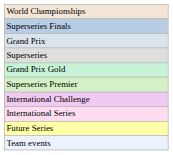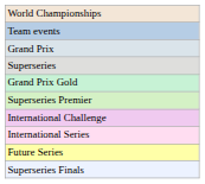 <table class=wikitable style=font-size:85%;width:20%>
 <tr bgcolor=#F3E6D7>
 <td>World Championships</td>
 </tr>
 <tr bgcolor=#B6CDE5>
-<td>Superseries Finals</td>
+<td>Team events</td>
 </tr>
 <tr bgcolor=#DAE4EA>
 <td>Grand Prix</td>
 </tr>
 <tr bgcolor=#DEDEDC>
 <td>Superseries</td>
 </tr>
 <tr bgcolor=#C7F2D5>
 <td>Grand Prix Gold</td>
 </tr>
 <tr bgcolor=#D4F1C5>
 <td>Superseries Premier</td>
 </tr>
 <tr bgcolor=#F0CAF0>
 <td>International Challenge</td>
 </tr>
 <tr bgcolor=#FFDDF1>
 <td>International Series</td>
 </tr>
 <tr bgcolor=#FFFFA8>
 <td>Future Series</td>
 </tr>
 <tr bgcolor=#ECF2FF>
-<td>Team events</td>
+<td>Superseries Finals</td>
 </tr>
 </table>
